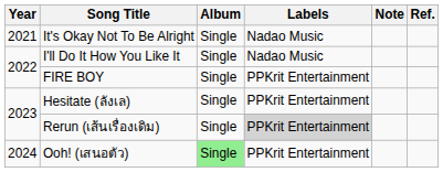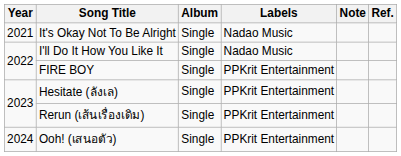 <table class="wikitable">
 <tr>
 <th>Year</th>
 <th>Song Title</th>
 <th>Album</th>
 <th>Labels</th>
 <th>Note</th>
 <th>Ref.</th>
 </tr>
 <tr>
 <td>2021</td>
 <td>It's Okay Not To Be Alright</td>
 <td>Single</td>
 <td>Nadao Music</td>
 <td></td>
 <td></td>
 </tr>
 <tr>
 <td rowspan="2">2022</td>
 <td>I'll Do It How You Like It</td>
 <td>Single</td>
 <td>Nadao Music</td>
 <td></td>
 <td></td>
 </tr>
 <tr>
 <td>FIRE BOY</td>
 <td>Single</td>
 <td>PPKrit Entertainment</td>
 <td></td>
 <td></td>
 </tr>
 <tr>
 <td rowspan="2">2023</td>
 <td>Hesitate (ลังเล)</td>
 <td>Single</td>
 <td>PPKrit Entertainment</td>
 <td></td>
 <td></td>
 </tr>
 <tr>
 <td>Rerun (เส้นเรื่องเดิม)</td>
 <td>Single</td>
-<td style="background: lightgrey;">PPKrit Entertainment</td>
+<td>PPKrit Entertainment</td>
 <td></td>
 <td></td>
 </tr>
 <tr>
 <td>2024</td>
 <td>Ooh! (เสนอตัว)</td>
-<td style="background: lightgreen;">Single</td>
+<td>Single</td>
 <td>PPKrit Entertainment</td>
 <td></td>
 <td></td>
 </tr>
 </table>
